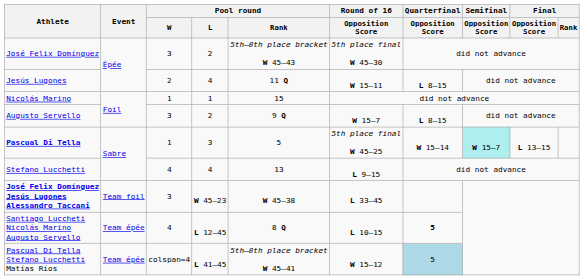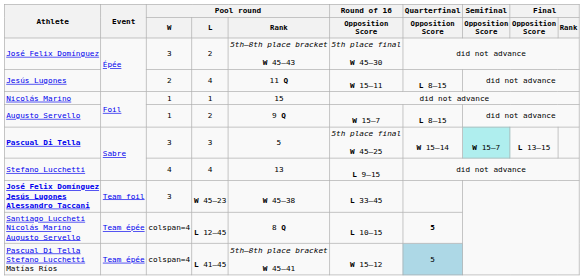 <table class="wikitable" style="font-size:90%;text-align:center">
 <tr>
 <th rowspan=2>Athlete</th>
 <th rowspan=2>Event</th>
 <th colspan=3>Pool round</th>
 <th>Round of 16</th>
 <th>Quarterfinal</th>
 <th>Semifinal</th>
 <th colspan=2>Final</th>
 </tr>
 <tr style=font-size:95%>
 <th>W</th>
 <th>L</th>
 <th>Rank</th>
 <th>Opposition<br>Score</th>
 <th>Opposition<br>Score</th>
 <th>Opposition<br>Score</th>
 <th>Opposition<br>Score</th>
 <th>Rank</th>
 </tr>
 <tr>
 <td style="text-align:left"><a href='#'>José Felix Domínguez</a></td>
 <td style="text-align:left" rowspan=2><a href='#'>Épée</a></td>
 <td>3</td>
 <td>2</td>
 <td><em>5th–8th place bracket</em><br><br><strong>W</strong> 45–43</td>
 <td><em>5th place final</em><br><br><strong>W</strong> 45–30</td>
 <td colspan=4>did not advance</td>
 </tr>
 <tr>
 <td style="text-align:left"><a href='#'>Jesús Lugones</a></td>
 <td>2</td>
 <td>4</td>
 <td>11 <strong>Q</strong></td>
 <td><br><strong>W</strong> 15–11</td>
 <td><br><strong>L</strong> 8–15</td>
 <td colspan=3>did not advance</td>
 </tr>
 <tr>
 <td style="text-align:left"><a href='#'>Nicolás Marino</a></td>
 <td style="text-align:left" rowspan=2><a href='#'>Foil</a></td>
 <td>1</td>
 <td>1</td>
 <td>15</td>
 <td colspan=5>did not advance</td>
 </tr>
 <tr>
 <td style="text-align:left"><a href='#'>Augusto Servello</a></td>
-<td>3</td>
+<td>1</td>
 <td>2</td>
 <td>9 <strong>Q</strong></td>
 <td><br><strong>W</strong> 15–7</td>
 <td><br><strong>L</strong> 8–15</td>
 <td colspan=3>did not advance</td>
 </tr>
 <tr>
 <td style="text-align:left"><strong><a href='#'>Pascual Di Tella</a></strong></td>
 <td style="text-align:left" rowspan=2><a href='#'>Sabre</a></td>
-<td>1</td>
+<td>3</td>
 <td>3</td>
 <td>5</td>
 <td><em>5th place final</em><br><br><strong>W</strong> 45–25</td>
 <td><br><strong>W</strong> 15–14</td>
 <td style="background: paleturquoise;"><br><strong>W</strong> 15–7</td>
 <td><br><strong>L</strong> 13–15</td>
 <td></td>
 </tr>
 <tr>
 <td style="text-align:left"><a href='#'>Stefano Lucchetti</a></td>
 <td>4</td>
 <td>4</td>
 <td>13</td>
 <td><br><strong>L</strong> 9–15</td>
 <td colspan=4>did not advance</td>
 </tr>
 <tr>
 <td style="text-align:left"><strong><a href='#'>José Felix Domínguez</a><br><a href='#'>Jesús Lugones</a><br><a href='#'>Alessandro Taccani</a></strong></td>
 <td style="text-align:left"><a href='#'>Team foil</a></td>
 <td>3</td>
 <td><br><strong>W</strong> 45–23</td>
 <td><br><strong>W</strong> 45–38</td>
 <td><br><strong>L</strong> 33–45</td>
 <td></td>
 </tr>
 <tr>
 <td style="text-align:left"><a href='#'>Santiago Luccheti</a><br><a href='#'>Nicolás Marino</a><br><a href='#'>Augusto Servello</a></td>
 <td style="text-align:left"><a href='#'>Team épée</a></td>
-<td>4</td>
+<td>colspan=4 </td>
 <td><br><strong>L</strong> 12–45</td>
 <td>8 <strong>Q</strong></td>
 <td><br><strong>L</strong> 10–15</td>
 <td><strong>5</strong></td>
 </tr>
 <tr>
 <td style="text-align:left"><a href='#'>Pascual Di Tella</a><br><a href='#'>Stefano Lucchetti</a><br>Matías Ríos</td>
 <td style="text-align:left"><a href='#'>Team épée</a></td>
 <td>colspan=4 </td>
 <td><br><strong>L</strong> 41–45</td>
 <td><em>5th–8th place bracket</em><br><br><strong>W</strong> 45–41</td>
 <td><br><strong>W</strong> 15–12</td>
 <td style="background: lightblue;">5</td>
 </tr>
 </table>
